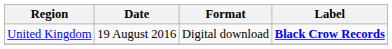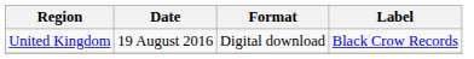 <table class=wikitable>
 <tr>
 <th>Region</th>
 <th>Date</th>
 <th>Format</th>
 <th>Label</th>
 </tr>
 <tr>
 <td><a href='#'>United Kingdom</a></td>
 <td>19 August 2016</td>
 <td>Digital download</td>
-<td><strong><a href='#'>Black Crow Records</a></strong></td>
+<td><a href='#'>Black Crow Records</a></td>
 </tr>
 <tr>
 </tr>
 </table>
